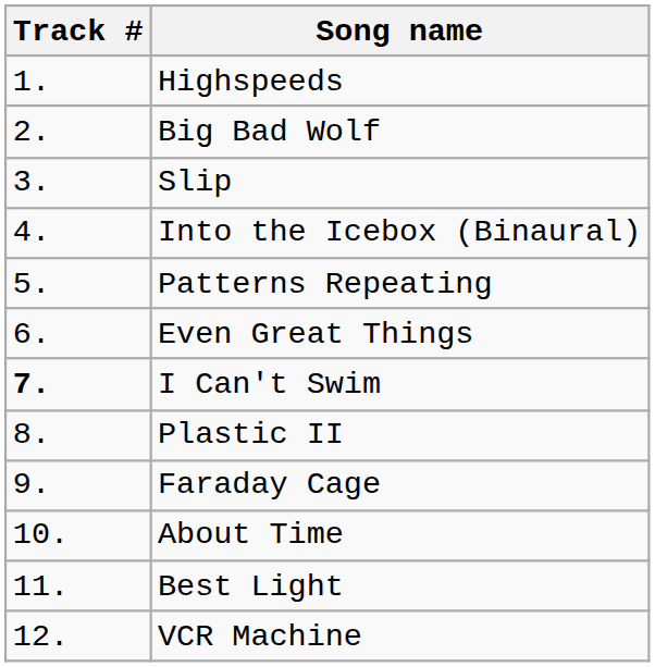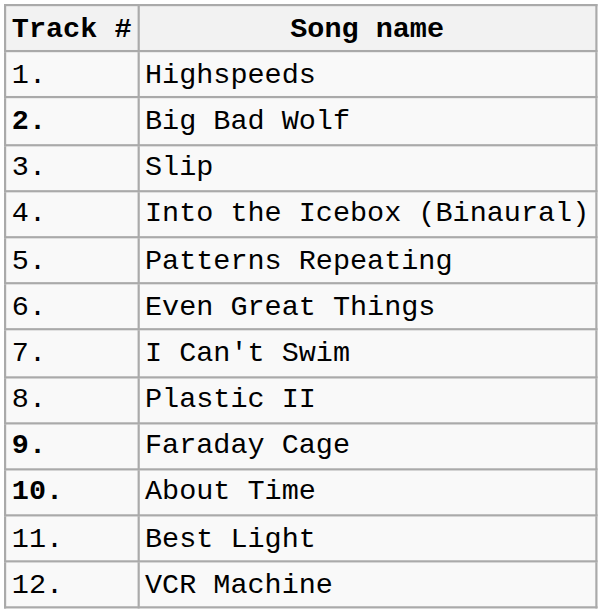 <table class="wikitable">
 <tr>
 <th>Track #</th>
 <th>Song name</th>
 </tr>
 <tr>
 <td>1.</td>
 <td>Highspeeds</td>
 </tr>
 <tr>
-<td>2.</td>
+<td><strong>2.</strong></td>
 <td>Big Bad Wolf</td>
 </tr>
 <tr>
 <td>3.</td>
 <td>Slip</td>
 </tr>
 <tr>
 <td>4.</td>
 <td>Into the Icebox (Binaural)</td>
 </tr>
 <tr>
 <td>5.</td>
 <td>Patterns Repeating</td>
 </tr>
 <tr>
 <td>6.</td>
 <td>Even Great Things</td>
 </tr>
 <tr>
-<td><strong>7.</strong></td>
+<td>7.</td>
 <td>I Can't Swim</td>
 </tr>
 <tr>
 <td>8.</td>
 <td>Plastic II</td>
 </tr>
 <tr>
-<td>9.</td>
+<td><strong>9.</strong></td>
 <td>Faraday Cage</td>
 </tr>
 <tr>
-<td>10.</td>
+<td><strong>10.</strong></td>
 <td>About Time</td>
 </tr>
 <tr>
 <td>11.</td>
 <td>Best Light</td>
 </tr>
 <tr>
 <td>12.</td>
 <td>VCR Machine</td>
 </tr>
 </table>
